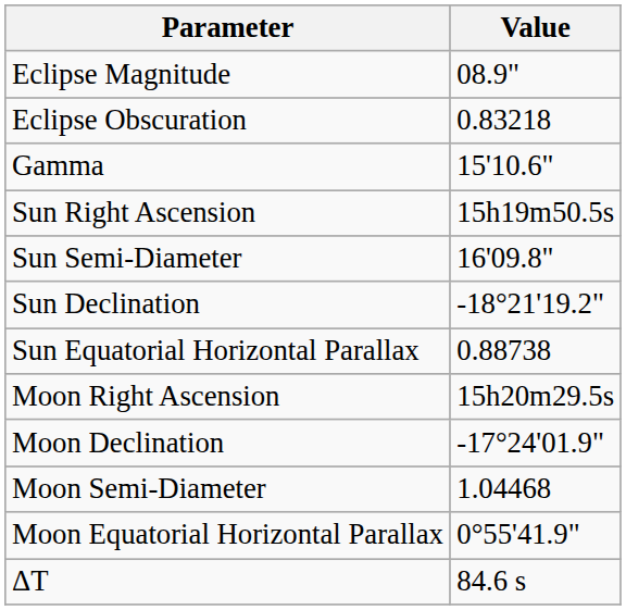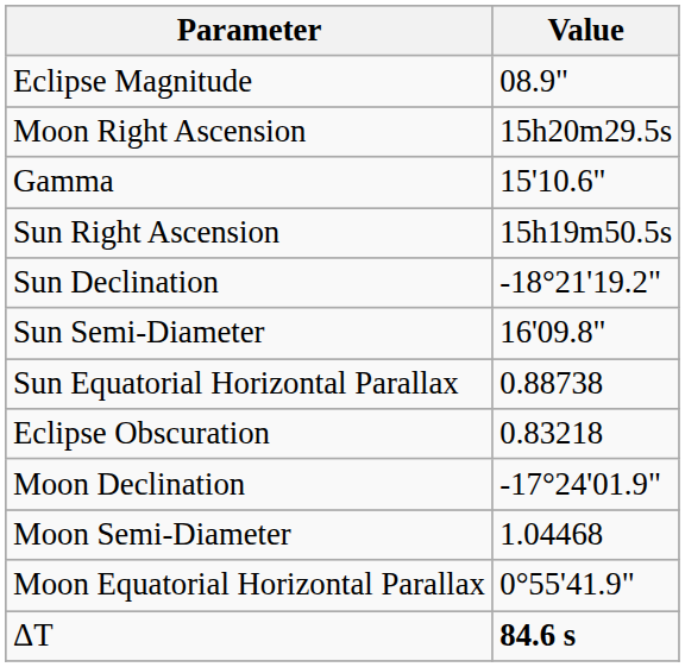 <table class="wikitable">
 <tr>
 <th>Parameter</th>
 <th>Value</th>
 </tr>
 <tr>
 <td>Eclipse Magnitude</td>
 <td>08.9"</td>
 </tr>
 <tr>
-<td>Eclipse Obscuration</td>
-<td>0.83218</td>
+<td>Moon Right Ascension</td>
+<td>15h20m29.5s</td>
 </tr>
 <tr>
 <td>Gamma</td>
 <td>15'10.6"</td>
 </tr>
 <tr>
 <td>Sun Right Ascension</td>
 <td>15h19m50.5s</td>
 </tr>
 <tr>
+<td>Sun Declination</td>
+<td>-18°21'19.2"</td>
+</tr>
+<tr>
 <td>Sun Semi-Diameter</td>
 <td>16'09.8"</td>
-</tr>
-<tr>
-<td>Sun Declination</td>
-<td>-18°21'19.2"</td>
 </tr>
 <tr>
 <td>Sun Equatorial Horizontal Parallax</td>
 <td>0.88738</td>
 </tr>
 <tr>
-<td>Moon Right Ascension</td>
-<td>15h20m29.5s</td>
+<td>Eclipse Obscuration</td>
+<td>0.83218</td>
 </tr>
 <tr>
 <td>Moon Declination</td>
 <td>-17°24'01.9"</td>
 </tr>
 <tr>
 <td>Moon Semi-Diameter</td>
 <td>1.04468</td>
 </tr>
 <tr>
 <td>Moon Equatorial Horizontal Parallax</td>
 <td>0°55'41.9"</td>
 </tr>
 <tr>
 <td>ΔT</td>
-<td>84.6 s</td>
+<td><strong>84.6 s</strong></td>
 </tr>
 </table>
